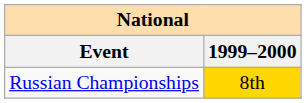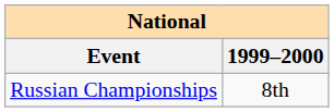 <table class="wikitable" style="text-align:center">
 <tr>
 <th style="background-color: #ffdead; " colspan=2 align=center>National</th>
 </tr>
 <tr>
 <th>Event</th>
 <th>1999–2000</th>
 </tr>
 <tr>
 <td align=left><a href='#'>Russian Championships</a></td>
-<td style="background: gold;">8th</td>
+<td>8th</td>
 </tr>
 </table>
